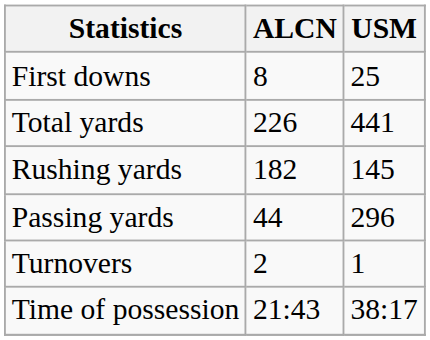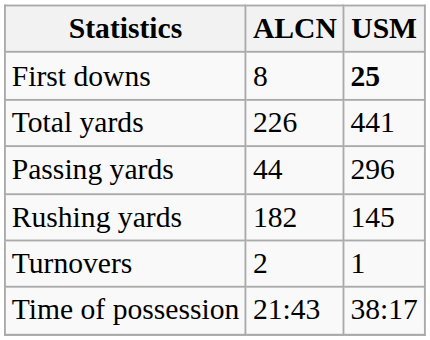 <table class="wikitable" style="float: left;">
 <tr>
 <th>Statistics</th>
 <th>ALCN</th>
 <th>USM</th>
 </tr>
 <tr>
 <td>First downs</td>
 <td>8</td>
-<td>25</td>
+<td><strong>25</strong></td>
 </tr>
 <tr>
 <td>Total yards</td>
 <td>226</td>
 <td>441</td>
 </tr>
 <tr>
+<td>Passing yards</td>
+<td>44</td>
+<td>296</td>
+</tr>
+<tr>
 <td>Rushing yards</td>
 <td>182</td>
 <td>145</td>
-</tr>
-<tr>
-<td>Passing yards</td>
-<td>44</td>
-<td>296</td>
 </tr>
 <tr>
 <td>Turnovers</td>
 <td>2</td>
 <td>1</td>
 </tr>
 <tr>
 <td>Time of possession</td>
 <td>21:43</td>
 <td>38:17</td>
 </tr>
 <tr>
 </tr>
 </table>
